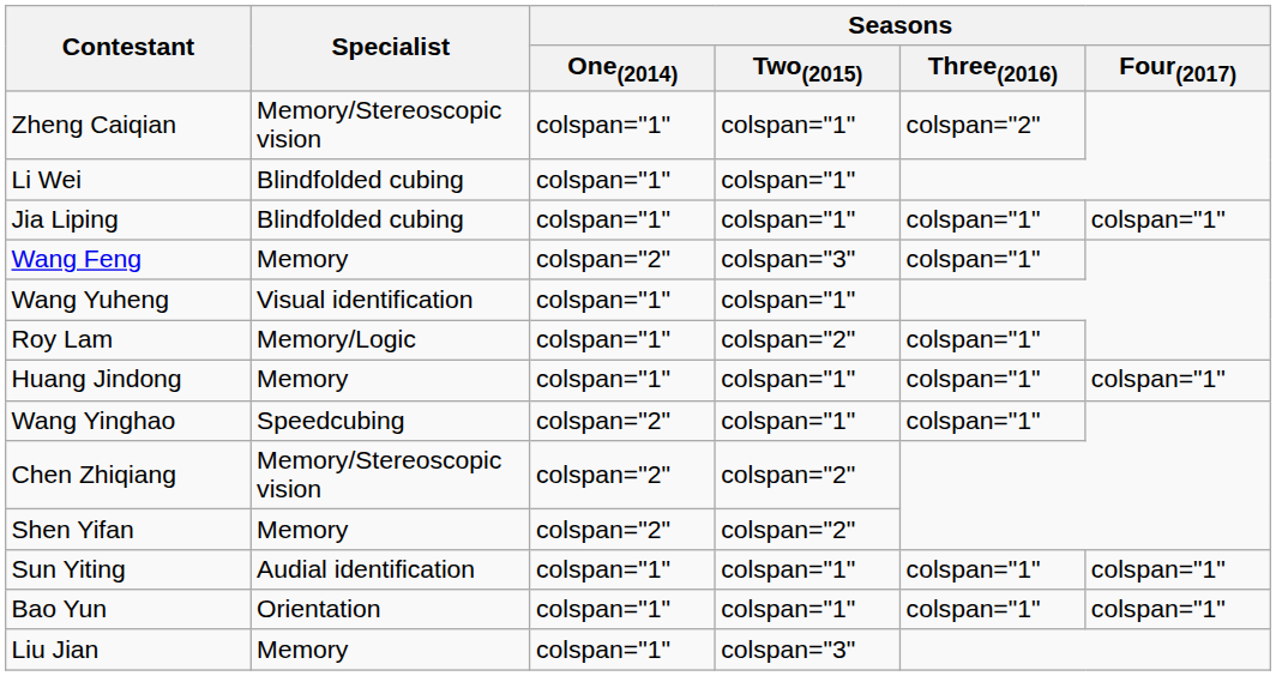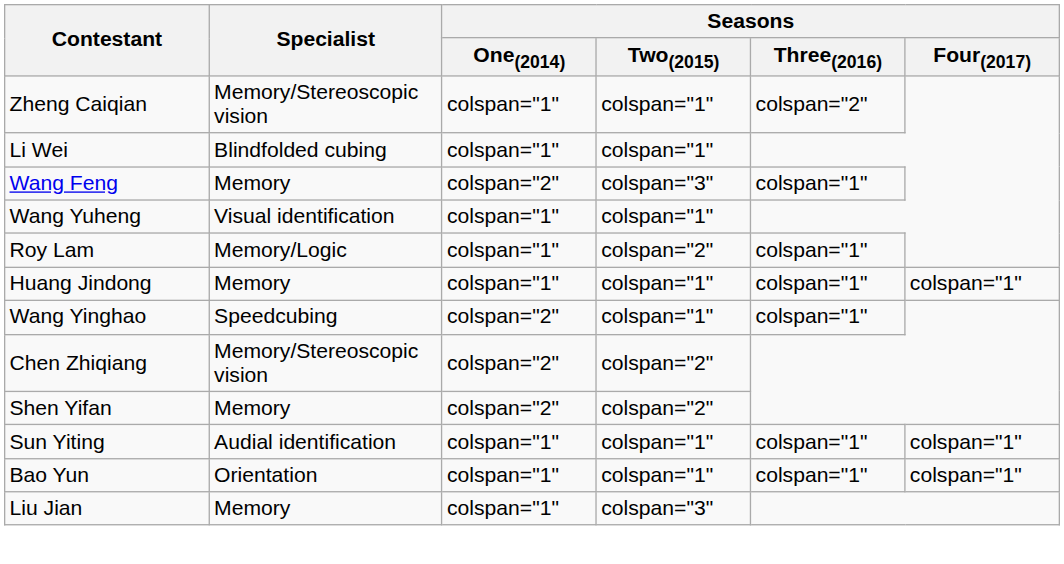 <table class="wikitable" style="margin:0.5em auto; width:800px;">
 <tr>
 <th rowspan="2" width="135">Contestant</th>
 <th rowspan="2" width="140">Specialist</th>
 <th colspan=4 style=text-align:center;>Seasons</th>
 </tr>
 <tr>
 <th ! width="100">One<sub>(2014)</sub></th>
 <th width="100">Two<sub>(2015)</sub></th>
 <th width="100">Three<sub>(2016)</sub></th>
 <th width="100">Four<sub>(2017)</sub></th>
 </tr>
 <tr>
 <td>Zheng Caiqian</td>
 <td>Memory/Stereoscopic vision</td>
 <td>colspan="1" </td>
 <td>colspan="1" </td>
 <td>colspan="2" </td>
 </tr>
 <tr>
 <td>Li Wei</td>
 <td>Blindfolded cubing</td>
-<td>colspan="1" </td>
-<td>colspan="1" </td>
-</tr>
-<tr>
-<td>Jia Liping</td>
-<td>Blindfolded cubing</td>
-<td>colspan="1" </td>
-<td>colspan="1" </td>
 <td>colspan="1" </td>
 <td>colspan="1" </td>
 </tr>
 <tr>
 <td><a href='#'>Wang Feng</a></td>
 <td>Memory</td>
 <td>colspan="2" </td>
 <td>colspan="3" </td>
 <td>colspan="1" </td>
 </tr>
 <tr>
 <td>Wang Yuheng</td>
 <td>Visual identification</td>
 <td>colspan="1" </td>
 <td>colspan="1" </td>
 </tr>
 <tr>
 <td>Roy Lam</td>
 <td>Memory/Logic</td>
 <td>colspan="1" </td>
 <td>colspan="2" </td>
 <td>colspan="1" </td>
 </tr>
 <tr>
 <td>Huang Jindong</td>
 <td>Memory</td>
 <td>colspan="1" </td>
 <td>colspan="1" </td>
 <td>colspan="1" </td>
 <td>colspan="1" </td>
 </tr>
 <tr>
 <td>Wang Yinghao</td>
 <td>Speedcubing</td>
 <td>colspan="2" </td>
 <td>colspan="1" </td>
 <td>colspan="1" </td>
 </tr>
 <tr>
 <td>Chen Zhiqiang</td>
 <td>Memory/Stereoscopic vision</td>
 <td>colspan="2" </td>
 <td>colspan="2" </td>
 </tr>
 <tr>
 <td>Shen Yifan</td>
 <td>Memory</td>
 <td>colspan="2" </td>
 <td>colspan="2" </td>
 </tr>
 <tr>
 <td>Sun Yiting</td>
 <td>Audial identification</td>
 <td>colspan="1" </td>
 <td>colspan="1" </td>
 <td>colspan="1" </td>
 <td>colspan="1" </td>
 </tr>
 <tr>
 <td>Bao Yun</td>
 <td>Orientation</td>
 <td>colspan="1" </td>
 <td>colspan="1" </td>
 <td>colspan="1" </td>
 <td>colspan="1" </td>
 </tr>
 <tr>
 <td>Liu Jian</td>
 <td>Memory</td>
 <td>colspan="1" </td>
 <td>colspan="3" </td>
 </tr>
 </table>
